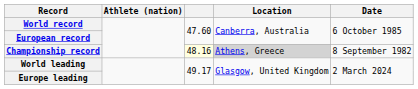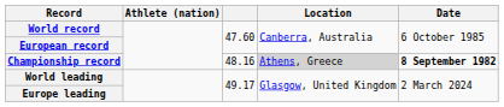 <table class="wikitable">
 <tr>
 <th scope="col">Record</th>
 <th scope="col">Athlete (nation)</th>
 <th scope="col"></th>
 <th scope="col">Location</th>
 <th scope="col">Date</th>
 </tr>
 <tr>
 <th scope="row"><a href='#'>World record</a></th>
 <td rowspan="3"></td>
 <td rowspan="2">47.60</td>
 <td rowspan="2"><a href='#'>Canberra</a>, Australia</td>
 <td rowspan="2">6 October 1985</td>
 </tr>
 <tr>
 <th scope="row"><a href='#'>European record</a></th>
 </tr>
 <tr>
 <th scope="row"><a href='#'>Championship record</a></th>
-<td style="background: lightyellow;">48.16</td>
+<td>48.16</td>
 <td style="background: lightgrey;"><a href='#'>Athens</a>, Greece</td>
-<td>8 September 1982</td>
+<td><strong>8 September 1982</strong></td>
 </tr>
 <tr>
 <th scope="row">World leading</th>
 <td rowspan="2"></td>
 <td rowspan="2">49.17 </td>
 <td rowspan="2"><a href='#'>Glasgow</a>, United Kingdom</td>
 <td rowspan="2">2 March 2024</td>
 </tr>
 <tr>
 <th scope="row">Europe leading</th>
 </tr>
 </table>
